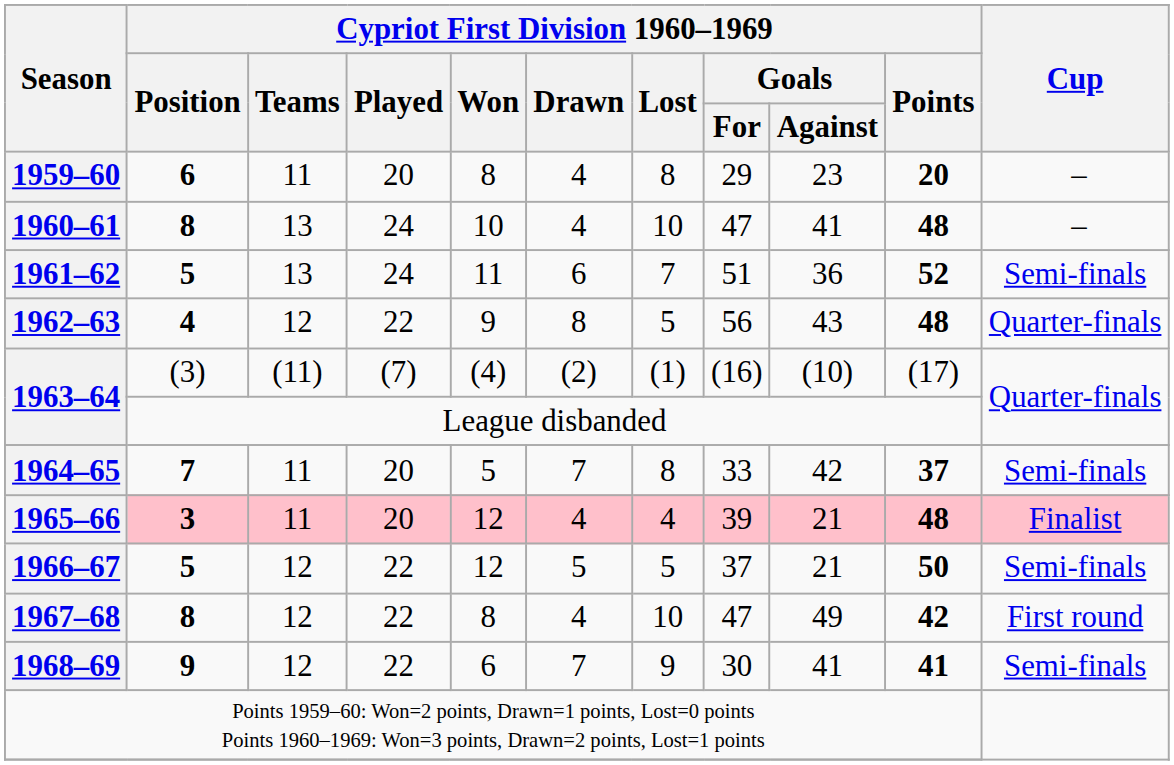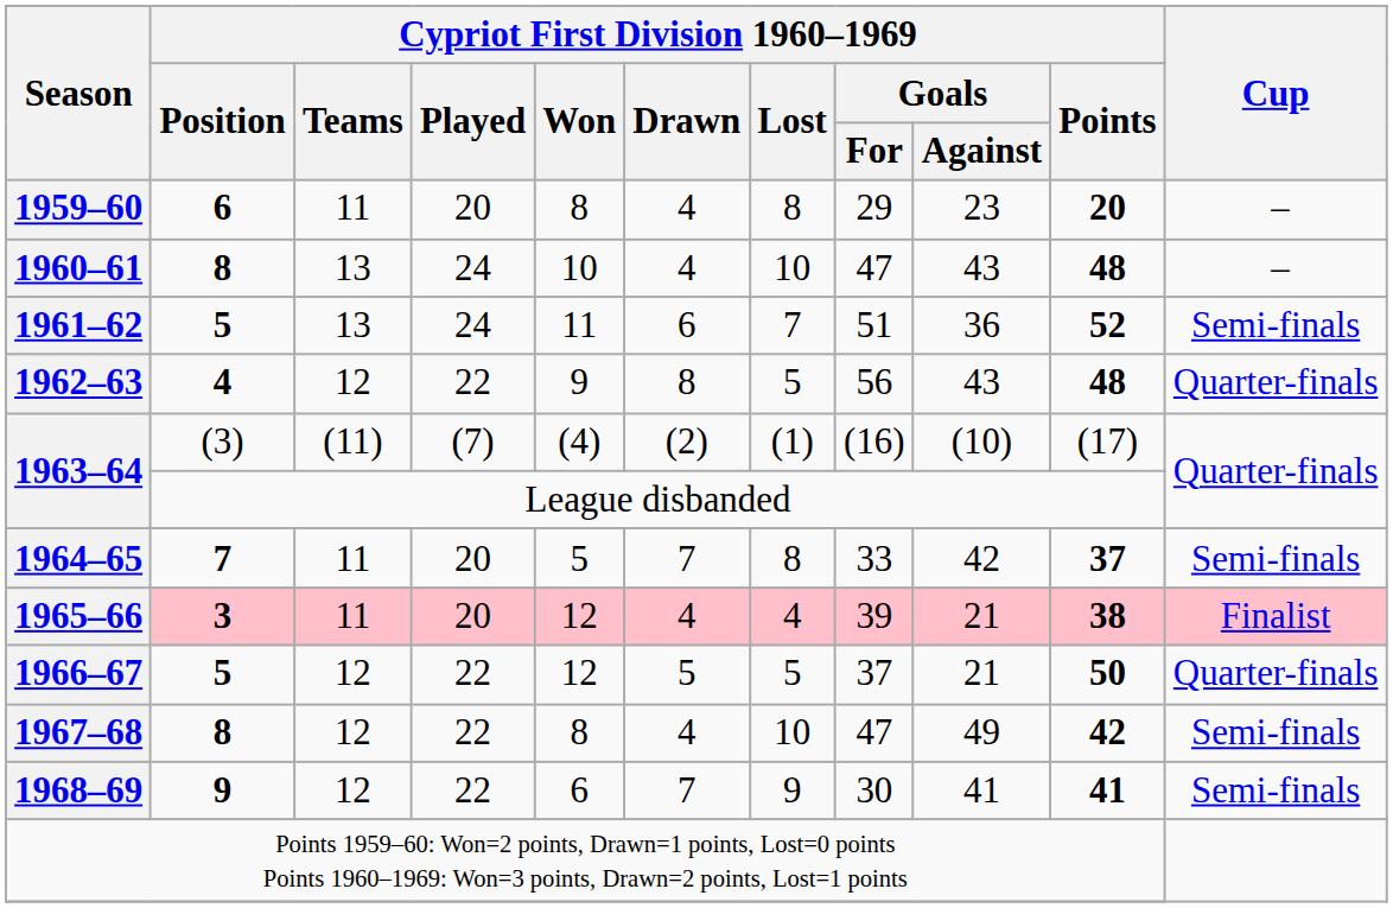 <table class="wikitable" style="text-align: center">
 <tr>
 <th rowspan=3>Season</th>
 <th colspan=9><a href='#'>Cypriot First Division</a> 1960–1969</th>
 <th rowspan=3><a href='#'>Cup</a></th>
 </tr>
 <tr>
 <th rowspan=2>Position</th>
 <th rowspan=2>Teams</th>
 <th rowspan=2>Played</th>
 <th rowspan=2>Won</th>
 <th rowspan=2>Drawn</th>
 <th rowspan=2>Lost</th>
 <th colspan=2>Goals</th>
 <th rowspan=2>Points</th>
 </tr>
 <tr>
 <th>For</th>
 <th>Against</th>
 </tr>
 <tr>
 <th style="text-align: center;"><a href='#'>1959–60</a></th>
 <td style="text-align: center;"><strong>6</strong></td>
 <td style="text-align: center;">11</td>
 <td style="text-align: center;">20</td>
 <td style="text-align: center;">8</td>
 <td style="text-align: center;">4</td>
 <td style="text-align: center;">8</td>
 <td style="text-align: center;">29</td>
 <td style="text-align: center;">23</td>
 <td style="text-align: center;"><strong>20</strong></td>
 <td> –</td>
 </tr>
 <tr>
 <th style="text-align: center;"><a href='#'>1960–61</a></th>
 <td style="text-align: center;"><strong>8</strong></td>
 <td style="text-align: center;">13</td>
 <td style="text-align: center;">24</td>
 <td style="text-align: center;">10</td>
 <td style="text-align: center;">4</td>
 <td style="text-align: center;">10</td>
 <td style="text-align: center;">47</td>
-<td style="text-align: center;">41</td>
+<td style="text-align: center;">43</td>
 <td style="text-align: center;"><strong>48</strong></td>
 <td> –</td>
 </tr>
 <tr>
 <th style="text-align: center;"><a href='#'>1961–62</a></th>
 <td style="text-align: center;"><strong>5</strong></td>
 <td style="text-align: center;">13</td>
 <td style="text-align: center;">24</td>
 <td style="text-align: center;">11</td>
 <td style="text-align: center;">6</td>
 <td style="text-align: center;">7</td>
 <td style="text-align: center;">51</td>
 <td style="text-align: center;">36</td>
 <td style="text-align: center;"><strong>52</strong></td>
 <td><a href='#'>Semi-finals</a></td>
 </tr>
 <tr>
 <th style="text-align: center;"><a href='#'>1962–63</a></th>
 <td style="text-align: center;"><strong>4</strong></td>
 <td style="text-align: center;">12</td>
 <td style="text-align: center;">22</td>
 <td style="text-align: center;">9</td>
 <td style="text-align: center;">8</td>
 <td style="text-align: center;">5</td>
 <td style="text-align: center;">56</td>
 <td style="text-align: center;">43</td>
 <td style="text-align: center;"><strong>48</strong></td>
 <td><a href='#'>Quarter-finals</a></td>
 </tr>
 <tr>
 <th style="text-align: center;" rowspan=2><a href='#'>1963–64</a></th>
 <td style="text-align: center;">(3)</td>
 <td style="text-align: center;">(11)</td>
 <td style="text-align: center;">(7)</td>
 <td style="text-align: center;">(4)</td>
 <td style="text-align: center;">(2)</td>
 <td style="text-align: center;">(1)</td>
 <td style="text-align: center;">(16)</td>
 <td style="text-align: center;">(10)</td>
 <td style="text-align: center;">(17)</td>
 <td rowspan=2><a href='#'>Quarter-finals</a></td>
 </tr>
 <tr>
 <td colspan=9>League disbanded</td>
 </tr>
 <tr>
 <th style="text-align: center;"><a href='#'>1964–65</a></th>
 <td style="text-align: center;"><strong>7</strong></td>
 <td style="text-align: center;">11</td>
 <td style="text-align: center;">20</td>
 <td style="text-align: center;">5</td>
 <td style="text-align: center;">7</td>
 <td style="text-align: center;">8</td>
 <td style="text-align: center;">33</td>
 <td style="text-align: center;">42</td>
 <td style="text-align: center;"><strong>37</strong></td>
 <td><a href='#'>Semi-finals</a></td>
 </tr>
 <tr>
 <th style="text-align: center;"><a href='#'>1965–66</a></th>
 <td style="text-align: center;" bgcolor=Pink><strong>3</strong></td>
 <td style="text-align: center;" bgcolor=Pink>11</td>
 <td style="text-align: center;" bgcolor=Pink>20</td>
 <td style="text-align: center;" bgcolor=Pink>12</td>
 <td style="text-align: center;" bgcolor=Pink>4</td>
 <td style="text-align: center;" bgcolor=Pink>4</td>
 <td style="text-align: center;" bgcolor=Pink>39</td>
 <td style="text-align: center;" bgcolor=Pink>21</td>
-<td style="text-align: center;" bgcolor=Pink><strong>48</strong></td>
+<td style="text-align: center;" bgcolor=Pink><strong>38</strong></td>
 <td style="text-align: center;" bgcolor=Pink><a href='#'>Finalist</a></td>
 </tr>
 <tr>
 <th style="text-align: center;"><a href='#'>1966–67</a></th>
 <td style="text-align: center;"><strong>5</strong></td>
 <td style="text-align: center;">12</td>
 <td style="text-align: center;">22</td>
 <td style="text-align: center;">12</td>
 <td style="text-align: center;">5</td>
 <td style="text-align: center;">5</td>
 <td style="text-align: center;">37</td>
 <td style="text-align: center;">21</td>
 <td style="text-align: center;"><strong>50</strong></td>
-<td><a href='#'>Semi-finals</a></td>
+<td><a href='#'>Quarter-finals</a></td>
 </tr>
 <tr>
 <th style="text-align: center;"><a href='#'>1967–68</a></th>
 <td style="text-align: center;"><strong>8</strong></td>
 <td style="text-align: center;">12</td>
 <td style="text-align: center;">22</td>
 <td style="text-align: center;">8</td>
 <td style="text-align: center;">4</td>
 <td style="text-align: center;">10</td>
 <td style="text-align: center;">47</td>
 <td style="text-align: center;">49</td>
 <td style="text-align: center;"><strong>42</strong></td>
-<td><a href='#'>First round</a></td>
+<td><a href='#'>Semi-finals</a></td>
 </tr>
 <tr>
 <th style="text-align: center;"><a href='#'>1968–69</a></th>
 <td style="text-align: center;"><strong>9</strong></td>
 <td style="text-align: center;">12</td>
 <td style="text-align: center;">22</td>
 <td style="text-align: center;">6</td>
 <td style="text-align: center;">7</td>
 <td style="text-align: center;">9</td>
 <td style="text-align: center;">30</td>
 <td style="text-align: center;">41</td>
 <td style="text-align: center;"><strong>41</strong></td>
 <td><a href='#'>Semi-finals</a></td>
 </tr>
 <tr>
 <td colspan=10 style="font-size:80%"><small>Points 1959–60: Won=2 points, Drawn=1 points, Lost=0 points </small> <br><small>Points 1960–1969: Won=3 points, Drawn=2 points, Lost=1 points </small></td>
 </tr>
 <tr>
 </tr>
 </table>
